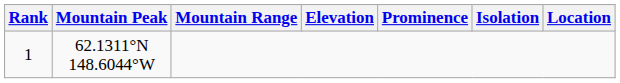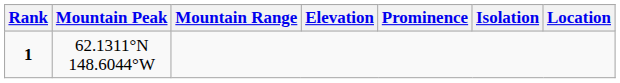 <table class="wikitable sortable">
 <tr>
 <th><a href='#'>Rank</a></th>
 <th><a href='#'>Mountain Peak</a></th>
 <th><a href='#'>Mountain Range</a></th>
 <th><a href='#'>Elevation</a></th>
 <th><a href='#'>Prominence</a></th>
 <th><a href='#'>Isolation</a></th>
 <th><a href='#'>Location</a></th>
 </tr>
 <tr>
-<td align=center>1<br>  </td>
+<td align=center><strong>1<br>  </strong></td>
 <td align=center>62.1311°N<br>148.6044°W</td>
 </tr>
 </table>
